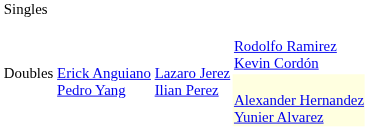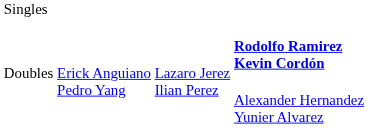 <table>
 <tr>
 <td rowspan=2>Singles</td>
 <td rowspan=2></td>
 <td rowspan=2></td>
 <td></td>
 </tr>
 <tr>
 <td></td>
 </tr>
 <tr>
 <td rowspan=2>Doubles</td>
 <td rowspan=2><br><a href='#'>Erick Anguiano</a><br><a href='#'>Pedro Yang</a></td>
 <td rowspan=2><br><a href='#'>Lazaro Jerez</a><br><a href='#'>Ilian Perez</a></td>
-<td><br><a href='#'>Rodolfo Ramirez</a><br><a href='#'>Kevin Cordón</a></td>
+<td><strong><br><a href='#'>Rodolfo Ramirez</a><br><a href='#'>Kevin Cordón</a></strong></td>
 </tr>
 <tr>
-<td style="background: lightyellow;"><br><a href='#'>Alexander Hernandez</a><br><a href='#'>Yunier Alvarez</a></td>
+<td><br><a href='#'>Alexander Hernandez</a><br><a href='#'>Yunier Alvarez</a></td>
 </tr>
 </table>
